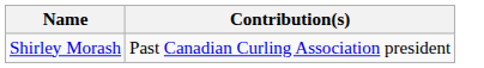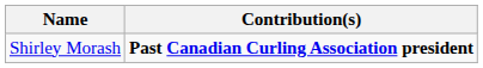 <table class="wikitable">
 <tr>
 <th><strong>Name</strong></th>
 <th><strong>Contribution(s)</strong></th>
 </tr>
 <tr>
 <td><a href='#'>Shirley Morash</a></td>
-<td>Past <a href='#'>Canadian Curling Association</a> president</td>
+<td><strong>Past <a href='#'>Canadian Curling Association</a> president</strong></td>
 </tr>
 </table>
